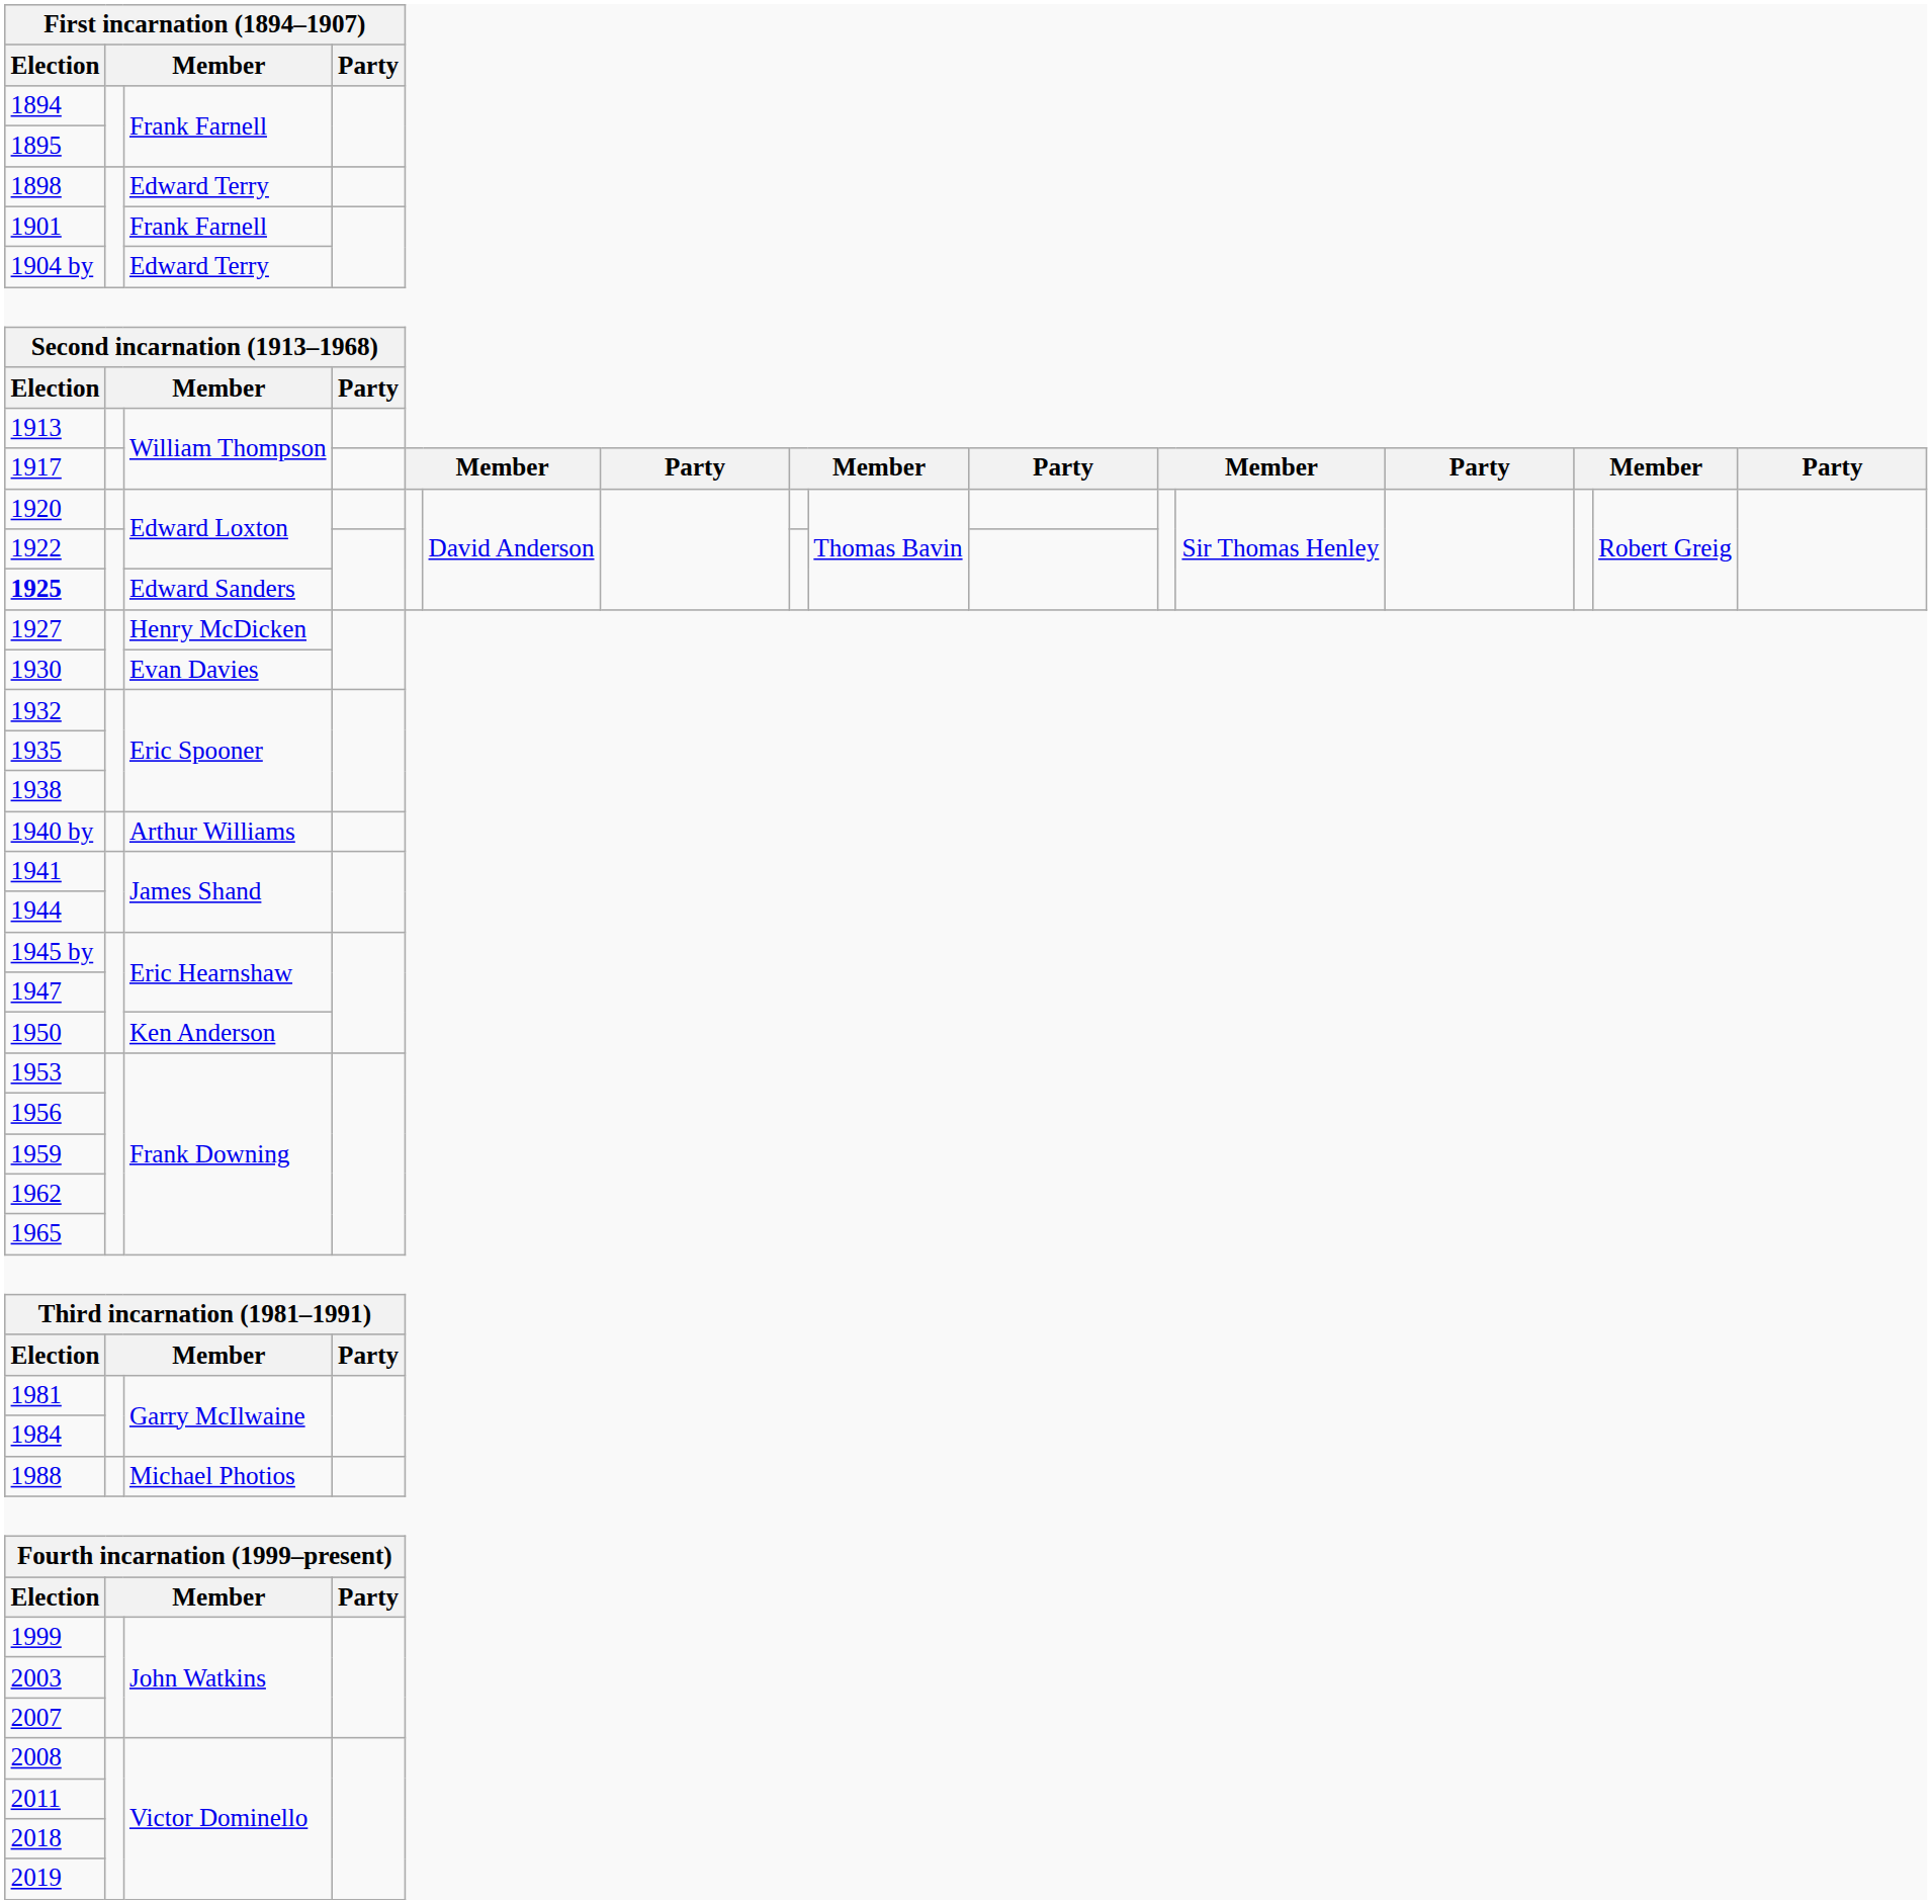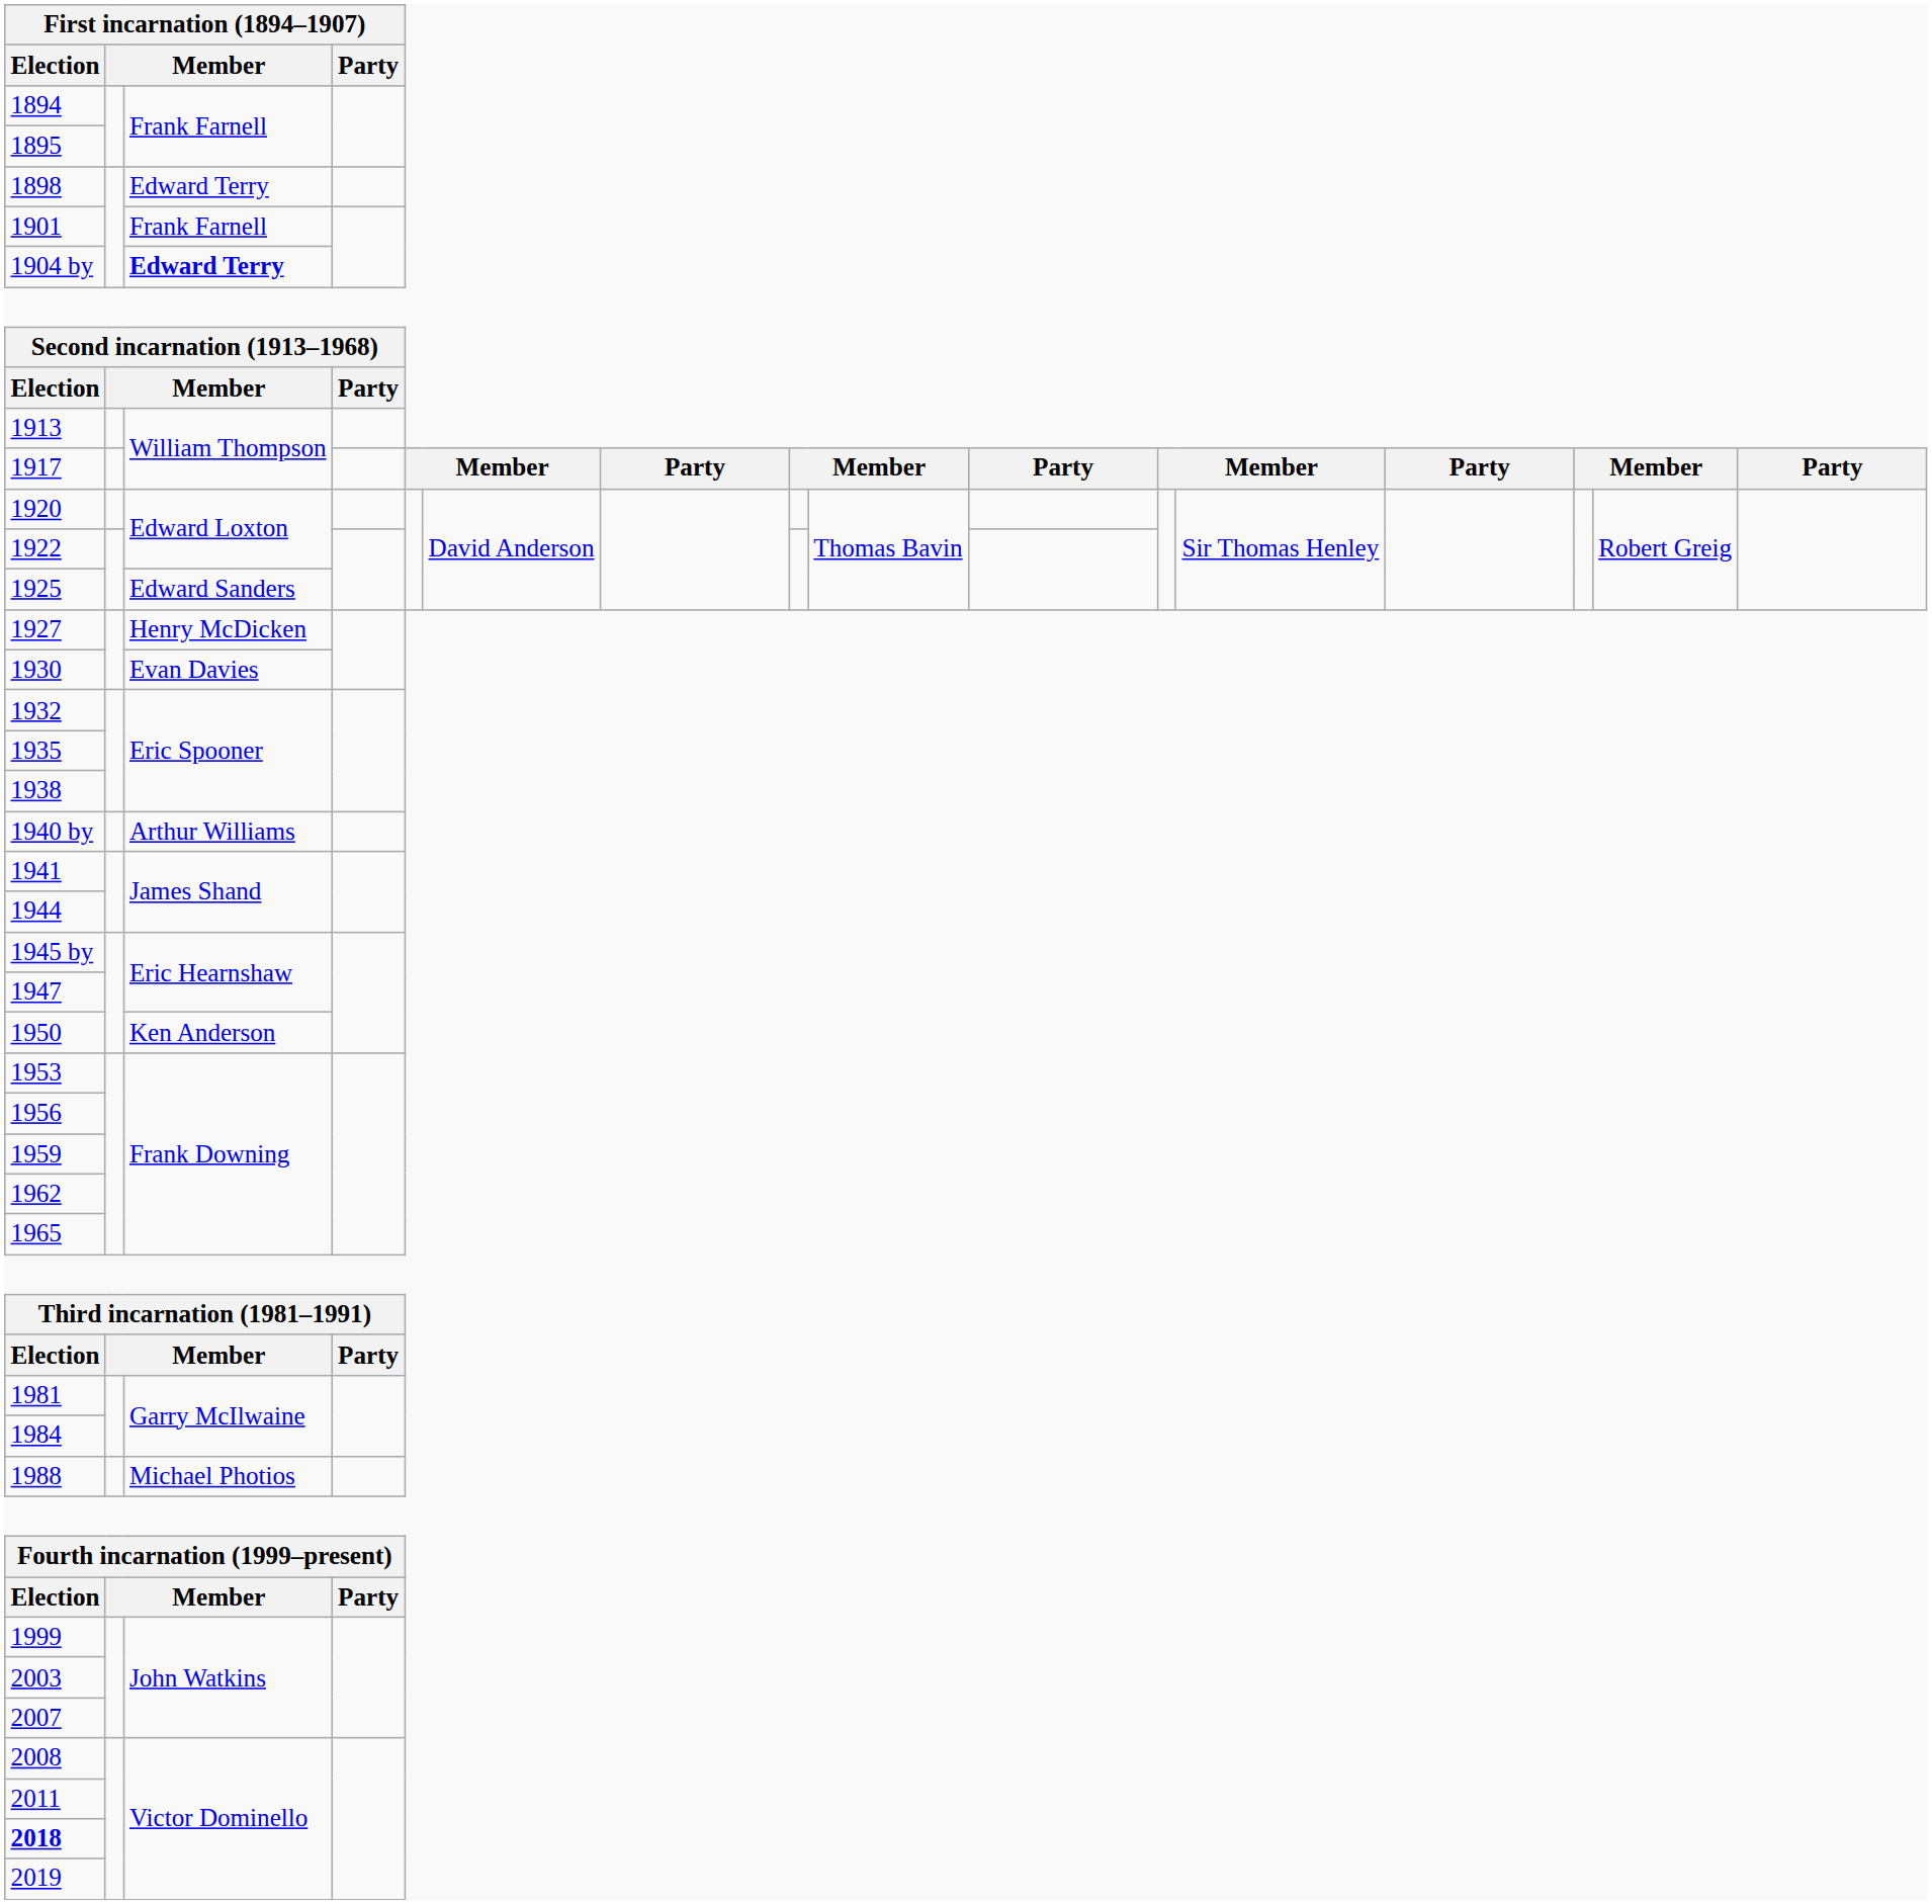 <table class="wikitable" style='border-style: none none none none;'>
 <tr>
 <th colspan="4">First incarnation (1894–1907)</th>
 </tr>
 <tr>
 <th>Election</th>
 <th colspan="2">Member</th>
 <th>Party</th>
 </tr>
 <tr style="background: #f9f9f9">
 <td><a href='#'>1894</a></td>
 <td rowspan="2" > </td>
 <td rowspan="2"><a href='#'>Frank Farnell</a></td>
 <td rowspan="2"></td>
 </tr>
 <tr style="background: #f9f9f9">
 <td><a href='#'>1895</a></td>
 </tr>
 <tr style="background: #f9f9f9">
 <td><a href='#'>1898</a></td>
 <td rowspan="3" > </td>
 <td><a href='#'>Edward Terry</a></td>
 <td></td>
 </tr>
 <tr style="background: #f9f9f9">
 <td><a href='#'>1901</a></td>
 <td><a href='#'>Frank Farnell</a></td>
 <td rowspan="2"></td>
 </tr>
 <tr style="background: #f9f9f9">
 <td><a href='#'>1904 by</a></td>
-<td><a href='#'>Edward Terry</a></td>
+<td><strong><a href='#'>Edward Terry</a></strong></td>
 </tr>
 <tr>
 <td colspan="4" style='border-style: none none none none;'> </td>
 </tr>
 <tr>
 <th colspan="4">Second incarnation (1913–1968)</th>
 </tr>
 <tr>
 <th>Election</th>
 <th colspan="2">Member</th>
 <th>Party</th>
 </tr>
 <tr style="background: #f9f9f9">
 <td><a href='#'>1913</a></td>
 <td> </td>
 <td rowspan="2"><a href='#'>William Thompson</a></td>
 <td></td>
 </tr>
 <tr style="background: #f9f9f9">
 <td><a href='#'>1917</a></td>
 <td> </td>
 <td></td>
 <th colspan="2">Member</th>
 <th style="width: 7em">Party</th>
 <th colspan="2">Member</th>
 <th style="width: 7em">Party</th>
 <th colspan="2">Member</th>
 <th style="width: 7em">Party</th>
 <th colspan="2">Member</th>
 <th style="width: 7em">Party</th>
 </tr>
 <tr style="background: #f9f9f9">
 <td><a href='#'>1920</a></td>
 <td> </td>
 <td rowspan="2"><a href='#'>Edward Loxton</a></td>
 <td></td>
 <td rowspan="3" > </td>
 <td rowspan="3"><a href='#'>David Anderson</a></td>
 <td rowspan="3"></td>
 <td> </td>
 <td rowspan="3"><a href='#'>Thomas Bavin</a></td>
 <td></td>
 <td rowspan="3" > </td>
 <td rowspan="3"><a href='#'>Sir Thomas Henley</a></td>
 <td rowspan="3"></td>
 <td rowspan="3" > </td>
 <td rowspan="3"><a href='#'>Robert Greig</a></td>
 <td rowspan="3"></td>
 </tr>
 <tr style="background: #f9f9f9">
 <td><a href='#'>1922</a></td>
 <td rowspan="2" > </td>
 <td rowspan="2"></td>
 <td rowspan="2" > </td>
 <td rowspan="2"></td>
 </tr>
 <tr style="background: #f9f9f9">
-<td><strong><a href='#'>1925</a></strong></td>
+<td><a href='#'>1925</a></td>
 <td><a href='#'>Edward Sanders</a></td>
 </tr>
 <tr style="background: #f9f9f9">
 <td><a href='#'>1927</a></td>
 <td rowspan="2" > </td>
 <td><a href='#'>Henry McDicken</a></td>
 <td rowspan="2"></td>
 </tr>
 <tr style="background: #f9f9f9">
 <td><a href='#'>1930</a></td>
 <td><a href='#'>Evan Davies</a></td>
 </tr>
 <tr style="background: #f9f9f9">
 <td><a href='#'>1932</a></td>
 <td rowspan="3" > </td>
 <td rowspan="3"><a href='#'>Eric Spooner</a></td>
 <td rowspan="3"></td>
 </tr>
 <tr style="background: #f9f9f9">
 <td><a href='#'>1935</a></td>
 </tr>
 <tr style="background: #f9f9f9">
 <td><a href='#'>1938</a></td>
 </tr>
 <tr style="background: #f9f9f9">
 <td><a href='#'>1940 by</a></td>
 <td> </td>
 <td><a href='#'>Arthur Williams</a></td>
 <td></td>
 </tr>
 <tr style="background: #f9f9f9">
 <td><a href='#'>1941</a></td>
 <td rowspan="2" > </td>
 <td rowspan="2"><a href='#'>James Shand</a></td>
 <td rowspan="2"></td>
 </tr>
 <tr style="background: #f9f9f9">
 <td><a href='#'>1944</a></td>
 </tr>
 <tr style="background: #f9f9f9">
 <td><a href='#'>1945 by</a></td>
 <td rowspan="3" > </td>
 <td rowspan="2"><a href='#'>Eric Hearnshaw</a></td>
 <td rowspan="3"></td>
 </tr>
 <tr style="background: #f9f9f9">
 <td><a href='#'>1947</a></td>
 </tr>
 <tr style="background: #f9f9f9">
 <td><a href='#'>1950</a></td>
 <td><a href='#'>Ken Anderson</a></td>
 </tr>
 <tr style="background: #f9f9f9">
 <td><a href='#'>1953</a></td>
 <td rowspan="5" > </td>
 <td rowspan="5"><a href='#'>Frank Downing</a></td>
 <td rowspan="5"></td>
 </tr>
 <tr style="background: #f9f9f9">
 <td><a href='#'>1956</a></td>
 </tr>
 <tr style="background: #f9f9f9">
 <td><a href='#'>1959</a></td>
 </tr>
 <tr style="background: #f9f9f9">
 <td><a href='#'>1962</a></td>
 </tr>
 <tr style="background: #f9f9f9">
 <td><a href='#'>1965</a></td>
 </tr>
 <tr>
 <td colspan="4" style='border-style: none none none none;'> </td>
 </tr>
 <tr>
 <th colspan="4">Third incarnation (1981–1991)</th>
 </tr>
 <tr>
 <th>Election</th>
 <th colspan="2">Member</th>
 <th>Party</th>
 </tr>
 <tr style="background: #f9f9f9">
 <td><a href='#'>1981</a></td>
 <td rowspan="2" > </td>
 <td rowspan="2"><a href='#'>Garry McIlwaine</a></td>
 <td rowspan="2"></td>
 </tr>
 <tr style="background: #f9f9f9">
 <td><a href='#'>1984</a></td>
 </tr>
 <tr style="background: #f9f9f9">
 <td><a href='#'>1988</a></td>
 <td> </td>
 <td><a href='#'>Michael Photios</a></td>
 <td></td>
 </tr>
 <tr>
 <td colspan="4" style='border-style: none none none none;'> </td>
 </tr>
 <tr>
 <th colspan="4">Fourth incarnation (1999–present)</th>
 </tr>
 <tr>
 <th>Election</th>
 <th colspan="2">Member</th>
 <th>Party</th>
 </tr>
 <tr style="background: #f9f9f9">
 <td><a href='#'>1999</a></td>
 <td rowspan="3" > </td>
 <td rowspan="3"><a href='#'>John Watkins</a></td>
 <td rowspan="3"></td>
 </tr>
 <tr style="background: #f9f9f9">
 <td><a href='#'>2003</a></td>
 </tr>
 <tr style="background: #f9f9f9">
 <td><a href='#'>2007</a></td>
 </tr>
 <tr style="background: #f9f9f9">
 <td><a href='#'>2008</a></td>
 <td rowspan="4" > </td>
 <td rowspan="4"><a href='#'>Victor Dominello</a></td>
 <td rowspan="4"></td>
 </tr>
 <tr style="background: #f9f9f9">
 <td><a href='#'>2011</a></td>
 </tr>
 <tr style="background: #f9f9f9">
-<td><a href='#'>2018</a></td>
+<td><strong><a href='#'>2018</a></strong></td>
 </tr>
 <tr style="background: #f9f9f9">
 <td><a href='#'>2019</a></td>
 </tr>
 </table>
